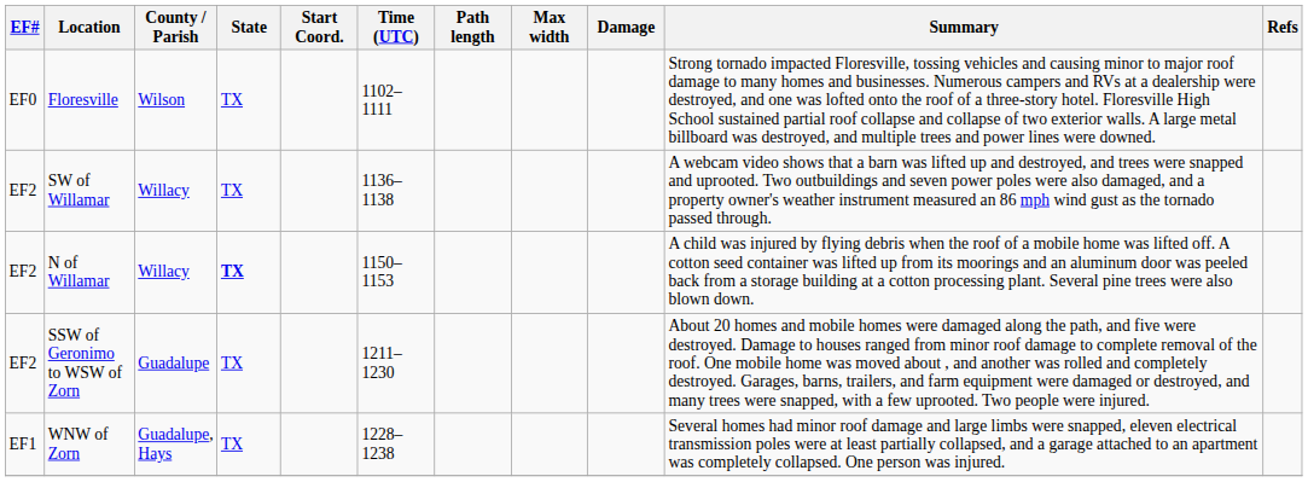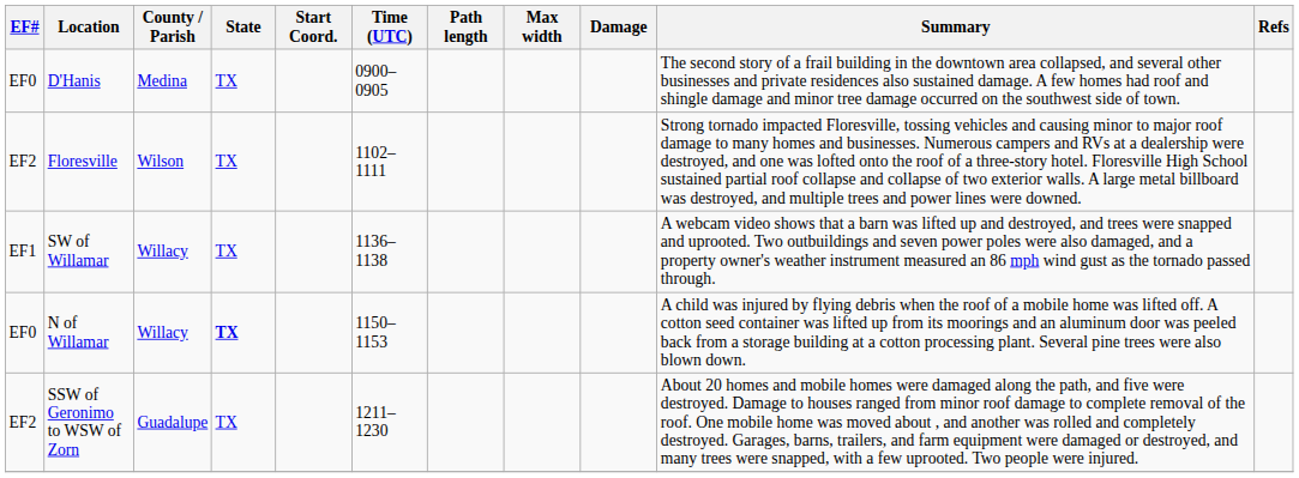 <table class="wikitable sortable" style="width:100%;">
 <tr>
 <th scope="col" width="3%" align="center"><a href='#'>EF#</a></th>
 <th scope="col" width="7%" align="center" class="unsortable">Location</th>
 <th scope="col" width="6%" align="center" class="unsortable">County / Parish</th>
 <th scope="col" width="5%" align="center">State</th>
 <th scope="col" width="6%" align="center">Start Coord.</th>
 <th scope="col" width="6%" align="center">Time (<a href='#'>UTC</a>)</th>
 <th scope="col" width="6%" align="center">Path length</th>
 <th scope="col" width="6%" align="center">Max width</th>
 <th scope="col" width="6%" align="center">Damage</th>
 <th scope="col" width="48%" class="unsortable" align="center">Summary</th>
 <th scope="col" width="48%" class="unsortable" align="center">Refs</th>
 </tr>
 <tr>
 <td>EF0</td>
+<td><a href='#'>D'Hanis</a></td>
+<td><a href='#'>Medina</a></td>
+<td><a href='#'>TX</a></td>
+<td></td>
+<td>0900–0905</td>
+<td></td>
+<td></td>
+<td></td>
+<td>The second story of a frail building in the downtown area collapsed, and several other businesses and private residences also sustained damage. A few homes had roof and shingle damage and minor tree damage occurred on the southwest side of town.</td>
+<td></td>
+</tr>
+<tr>
+<td>EF2</td>
 <td><a href='#'>Floresville</a></td>
 <td><a href='#'>Wilson</a></td>
 <td><a href='#'>TX</a></td>
 <td></td>
 <td>1102–1111</td>
 <td></td>
 <td></td>
 <td></td>
 <td>Strong tornado impacted Floresville, tossing vehicles and causing minor to major roof damage to many homes and businesses. Numerous campers and RVs at a dealership were destroyed, and one was lofted onto the roof of a three-story hotel. Floresville High School sustained partial roof collapse and collapse of two exterior walls. A large metal billboard was destroyed, and multiple trees and power lines were downed.</td>
 <td></td>
 </tr>
 <tr>
-<td>EF2</td>
+<td>EF1</td>
 <td>SW of <a href='#'>Willamar</a></td>
 <td><a href='#'>Willacy</a></td>
 <td><a href='#'>TX</a></td>
 <td></td>
 <td>1136–1138</td>
 <td></td>
 <td></td>
 <td></td>
 <td>A webcam video shows that a barn was lifted up and destroyed, and trees were snapped and uprooted. Two outbuildings and seven power poles were also damaged, and a property owner's weather instrument measured an 86 <a href='#'>mph</a> wind gust as the tornado passed through.</td>
 <td></td>
 </tr>
 <tr>
-<td>EF2</td>
+<td>EF0</td>
 <td>N of <a href='#'>Willamar</a></td>
 <td><a href='#'>Willacy</a></td>
 <td><strong><a href='#'>TX</a></strong></td>
 <td></td>
 <td>1150–1153</td>
 <td></td>
 <td></td>
 <td></td>
 <td>A child was injured by flying debris when the roof of a mobile home was lifted off. A cotton seed container was lifted up from its moorings and an aluminum door was peeled back from a storage building at a cotton processing plant. Several pine trees were also blown down.</td>
 <td></td>
 </tr>
 <tr>
 <td>EF2</td>
 <td>SSW of <a href='#'>Geronimo</a> to WSW of <a href='#'>Zorn</a></td>
 <td><a href='#'>Guadalupe</a></td>
 <td><a href='#'>TX</a></td>
 <td></td>
 <td>1211–1230</td>
 <td></td>
 <td></td>
 <td></td>
 <td>About 20 homes and mobile homes were damaged along the path, and five were destroyed. Damage to houses ranged from minor roof damage to complete removal of the roof. One mobile home was moved about , and another was rolled and completely destroyed. Garages, barns, trailers, and farm equipment were damaged or destroyed, and many trees were snapped, with a few uprooted. Two people were injured.</td>
 <td></td>
 </tr>
 <tr>
-<td>EF1</td>
-<td>WNW of <a href='#'>Zorn</a></td>
-<td><a href='#'>Guadalupe</a>, <a href='#'>Hays</a></td>
-<td><a href='#'>TX</a></td>
-<td></td>
-<td>1228–1238</td>
-<td></td>
-<td></td>
-<td></td>
-<td>Several homes had minor roof damage and large limbs were snapped, eleven electrical transmission poles were at least partially collapsed, and a garage attached to an apartment was completely collapsed. One person was injured.</td>
-<td></td>
-</tr>
-<tr>
 </tr>
 </table>
